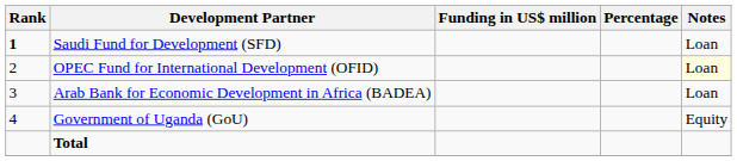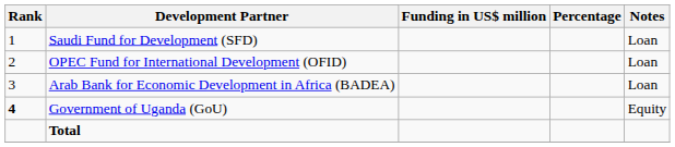 <table class="wikitable sortable" style="margin: 0.5em auto">
 <tr>
 <th>Rank</th>
 <th>Development Partner</th>
 <th>Funding in US$ million</th>
 <th>Percentage</th>
 <th>Notes</th>
 </tr>
 <tr>
-<td><strong>1</strong></td>
+<td>1</td>
 <td><a href='#'>Saudi Fund for Development</a> (SFD)</td>
 <td></td>
 <td></td>
 <td>Loan</td>
 </tr>
 <tr>
 <td>2</td>
 <td><a href='#'>OPEC Fund for International Development</a> (OFID)</td>
 <td></td>
 <td></td>
-<td style="background: lightyellow;">Loan</td>
+<td>Loan</td>
 </tr>
 <tr>
 <td>3</td>
 <td><a href='#'>Arab Bank for Economic Development in Africa</a> (BADEA)</td>
 <td></td>
 <td></td>
 <td>Loan</td>
 </tr>
 <tr>
-<td>4</td>
+<td><strong>4</strong></td>
 <td><a href='#'>Government of Uganda</a> (GoU)</td>
 <td></td>
 <td></td>
 <td>Equity</td>
 </tr>
 <tr>
 <td></td>
 <td><strong>Total</strong></td>
 <td></td>
 <td></td>
 <td></td>
 </tr>
 <tr>
 </tr>
 </table>
